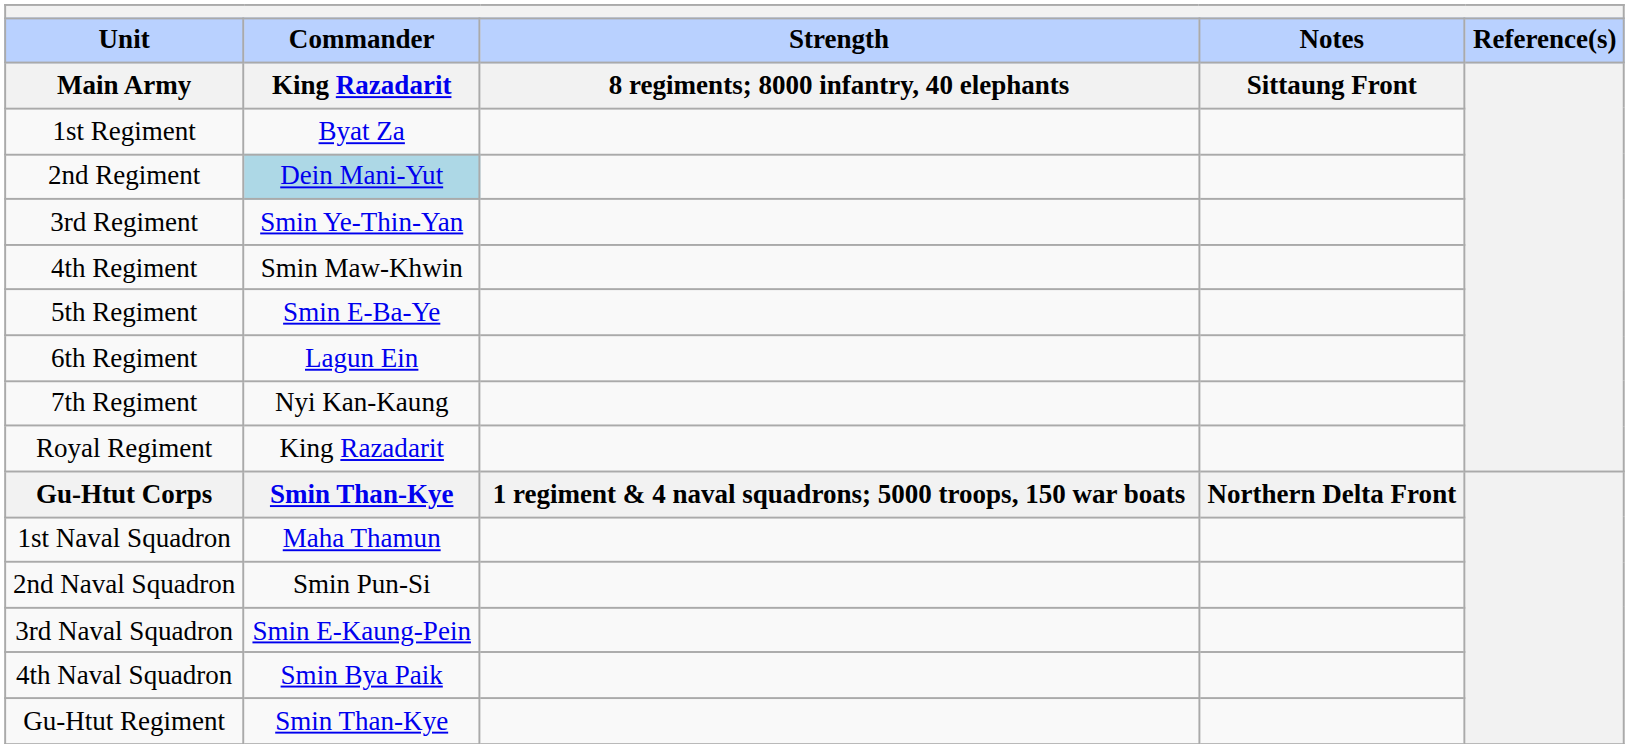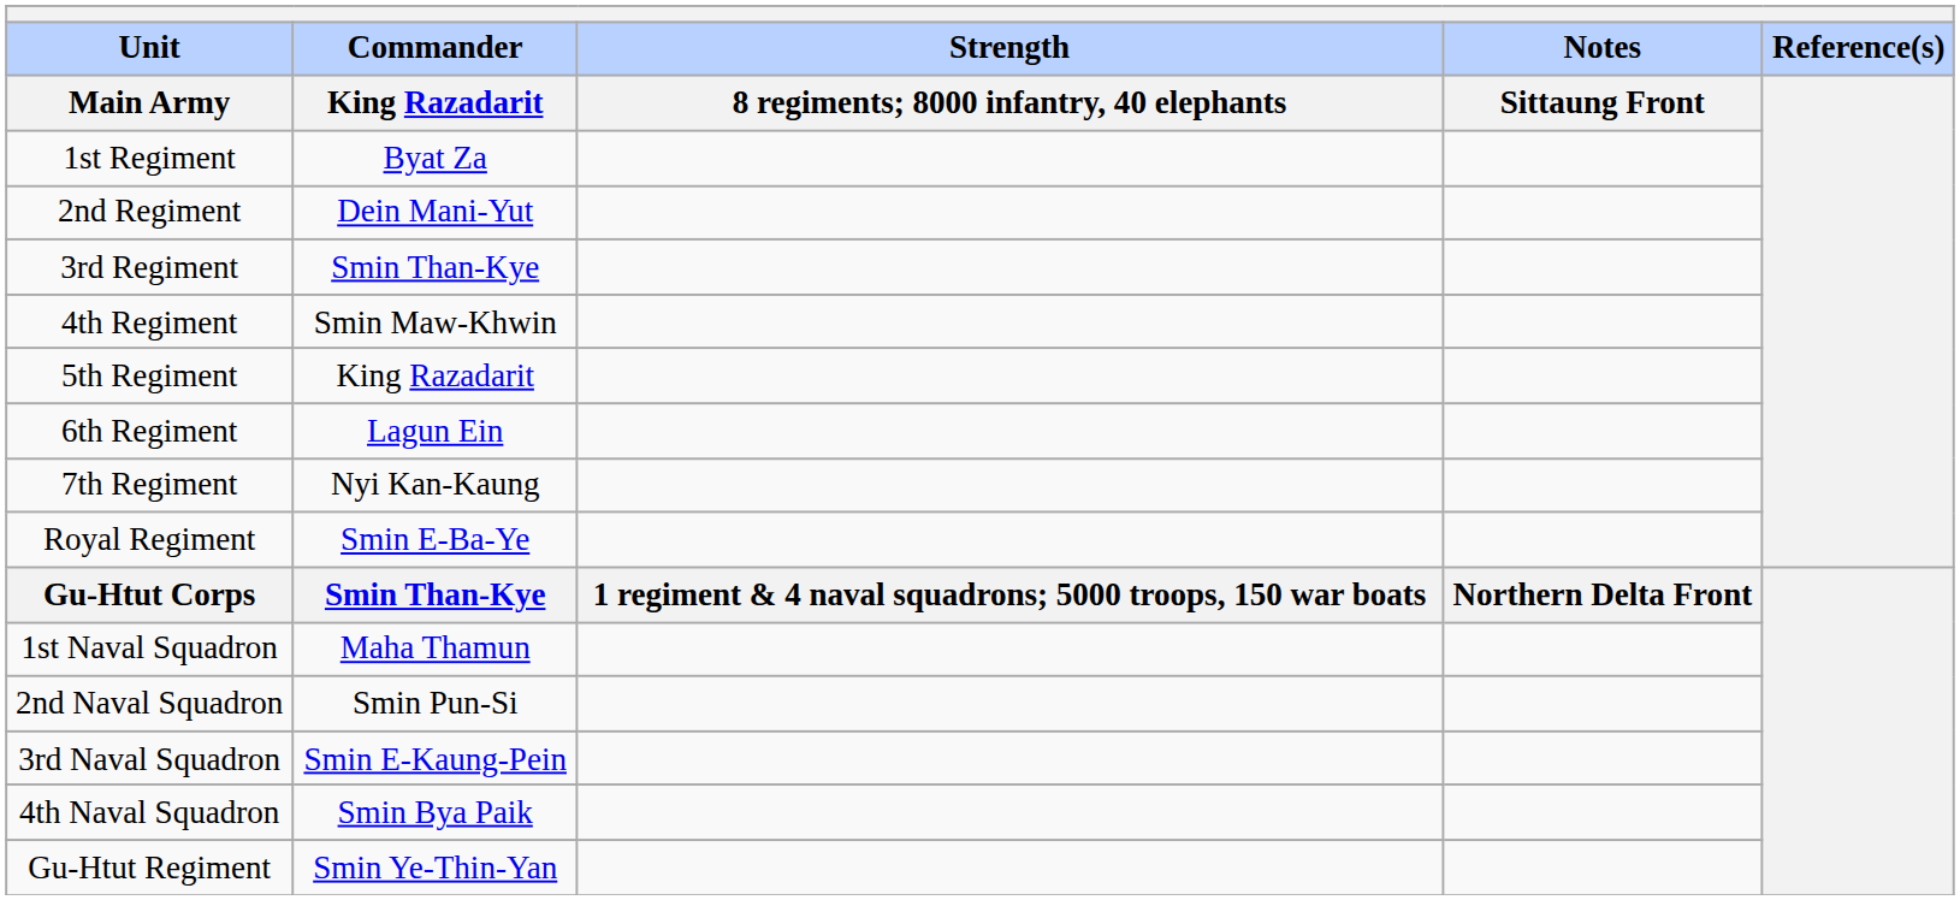 <table class="wikitable collapsible" style="min-width:60em; margin:0.3em auto; font-size:88%;">
 <tr>
 <th colspan=5></th>
 </tr>
 <tr>
 <th style="background-color:#B9D1FF">Unit</th>
 <th style="background-color:#B9D1FF">Commander</th>
 <th style="background-color:#B9D1FF">Strength</th>
 <th style="background-color:#B9D1FF">Notes</th>
 <th style="background-color:#B9D1FF">Reference(s)</th>
 </tr>
 <tr>
 <th colspan="1">Main Army</th>
 <th colspan="1">King <a href='#'>Razadarit</a></th>
 <th colspan="1">8 regiments; 8000 infantry, 40 elephants</th>
 <th colspan="1">Sittaung Front</th>
 <th rowspan="9" align="center"></th>
 </tr>
 <tr>
 <td align="center">1st Regiment</td>
 <td align="center"><a href='#'>Byat Za</a></td>
 <td align="center"></td>
 <td align="center"></td>
 </tr>
 <tr>
 <td align="center">2nd Regiment</td>
-<td align="center" style="background: lightblue;"><a href='#'>Dein Mani-Yut</a></td>
+<td align="center"><a href='#'>Dein Mani-Yut</a></td>
 <td align="center"></td>
 <td align="center"></td>
 </tr>
 <tr>
 <td align="center">3rd Regiment</td>
-<td align="center"><a href='#'>Smin Ye-Thin-Yan</a></td>
+<td align="center"><a href='#'>Smin Than-Kye</a></td>
 <td align="center"></td>
 <td align="center"></td>
 </tr>
 <tr>
 <td align="center">4th Regiment</td>
 <td align="center">Smin Maw-Khwin</td>
 <td align="center"></td>
 <td align="center"></td>
 </tr>
 <tr>
 <td align="center">5th Regiment</td>
-<td align="center"><a href='#'>Smin E-Ba-Ye</a></td>
+<td align="center">King <a href='#'>Razadarit</a></td>
 <td align="center"></td>
 <td align="center"></td>
 </tr>
 <tr>
 <td align="center">6th Regiment</td>
 <td align="center"><a href='#'>Lagun Ein</a></td>
 <td align="center"></td>
 <td align="center"></td>
 </tr>
 <tr>
 <td align="center">7th Regiment</td>
 <td align="center">Nyi Kan-Kaung</td>
 <td align="center"></td>
 <td align="center"></td>
 </tr>
 <tr>
 <td align="center">Royal Regiment</td>
-<td align="center">King <a href='#'>Razadarit</a></td>
+<td align="center"><a href='#'>Smin E-Ba-Ye</a></td>
 <td align="center"></td>
 <td align="center"></td>
 </tr>
 <tr>
 <th colspan="1">Gu-Htut Corps</th>
 <th colspan="1"><a href='#'>Smin Than-Kye</a></th>
 <th colspan="1">1 regiment & 4 naval squadrons; 5000 troops, 150 war boats</th>
 <th colspan="1">Northern Delta Front</th>
 <th rowspan="6" align="center"></th>
 </tr>
 <tr>
 <td align="center">1st Naval Squadron</td>
 <td align="center"><a href='#'>Maha Thamun</a></td>
 <td align="center"></td>
 </tr>
 <tr>
 <td align="center">2nd Naval Squadron</td>
 <td align="center">Smin Pun-Si</td>
 <td align="center"></td>
 <td align="center"></td>
 </tr>
 <tr>
 <td align="center">3rd Naval Squadron</td>
 <td align="center"><a href='#'>Smin E-Kaung-Pein</a></td>
 <td align="center"></td>
 <td align="center"></td>
 </tr>
 <tr>
 <td align="center">4th Naval Squadron</td>
 <td align="center"><a href='#'>Smin Bya Paik</a></td>
 <td align="center"></td>
 <td align="center"></td>
 </tr>
 <tr>
 <td align="center">Gu-Htut Regiment</td>
-<td align="center"><a href='#'>Smin Than-Kye</a></td>
+<td align="center"><a href='#'>Smin Ye-Thin-Yan</a></td>
 <td align="center"></td>
 </tr>
 </table>
